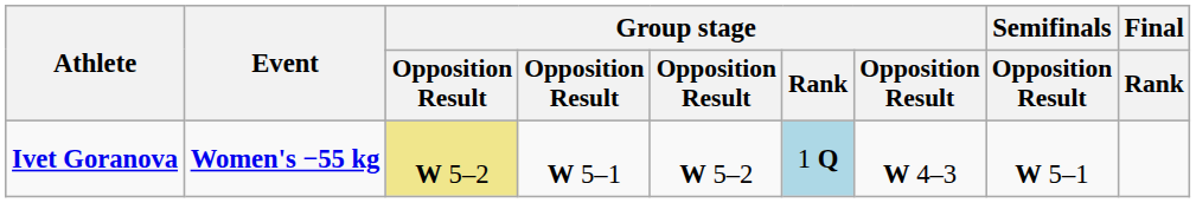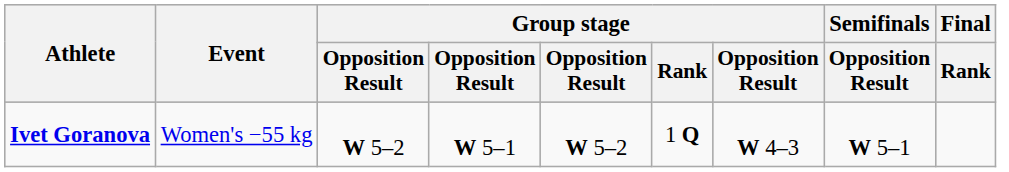 <table class="wikitable" style="font-size:90%;">
 <tr>
 <th rowspan=2>Athlete</th>
 <th rowspan=2>Event</th>
 <th colspan=5>Group stage</th>
 <th>Semifinals</th>
 <th colspan=2>Final</th>
 </tr>
 <tr style="font-size:95%">
 <th>Opposition<br>Result</th>
 <th>Opposition<br>Result</th>
 <th>Opposition<br>Result</th>
 <th>Rank</th>
 <th>Opposition<br>Result</th>
 <th>Opposition<br>Result</th>
 <th>Rank</th>
 </tr>
 <tr align=center>
 <td align=left><strong><a href='#'>Ivet Goranova</a></strong></td>
-<td align=left><strong><a href='#'>Women's −55 kg</a></strong></td>
-<td style="background: khaki;"><br> <strong>W</strong> 5–2</td>
+<td align=left><a href='#'>Women's −55 kg</a></td>
+<td><br> <strong>W</strong> 5–2</td>
 <td><br><strong>W</strong> 5–1</td>
 <td><br><strong>W</strong> 5–2</td>
-<td style="background: lightblue;">1 <strong>Q</strong></td>
+<td>1 <strong>Q</strong></td>
 <td><br><strong>W</strong> 4–3</td>
 <td><br><strong>W</strong> 5–1</td>
 <td></td>
 </tr>
 </table>
